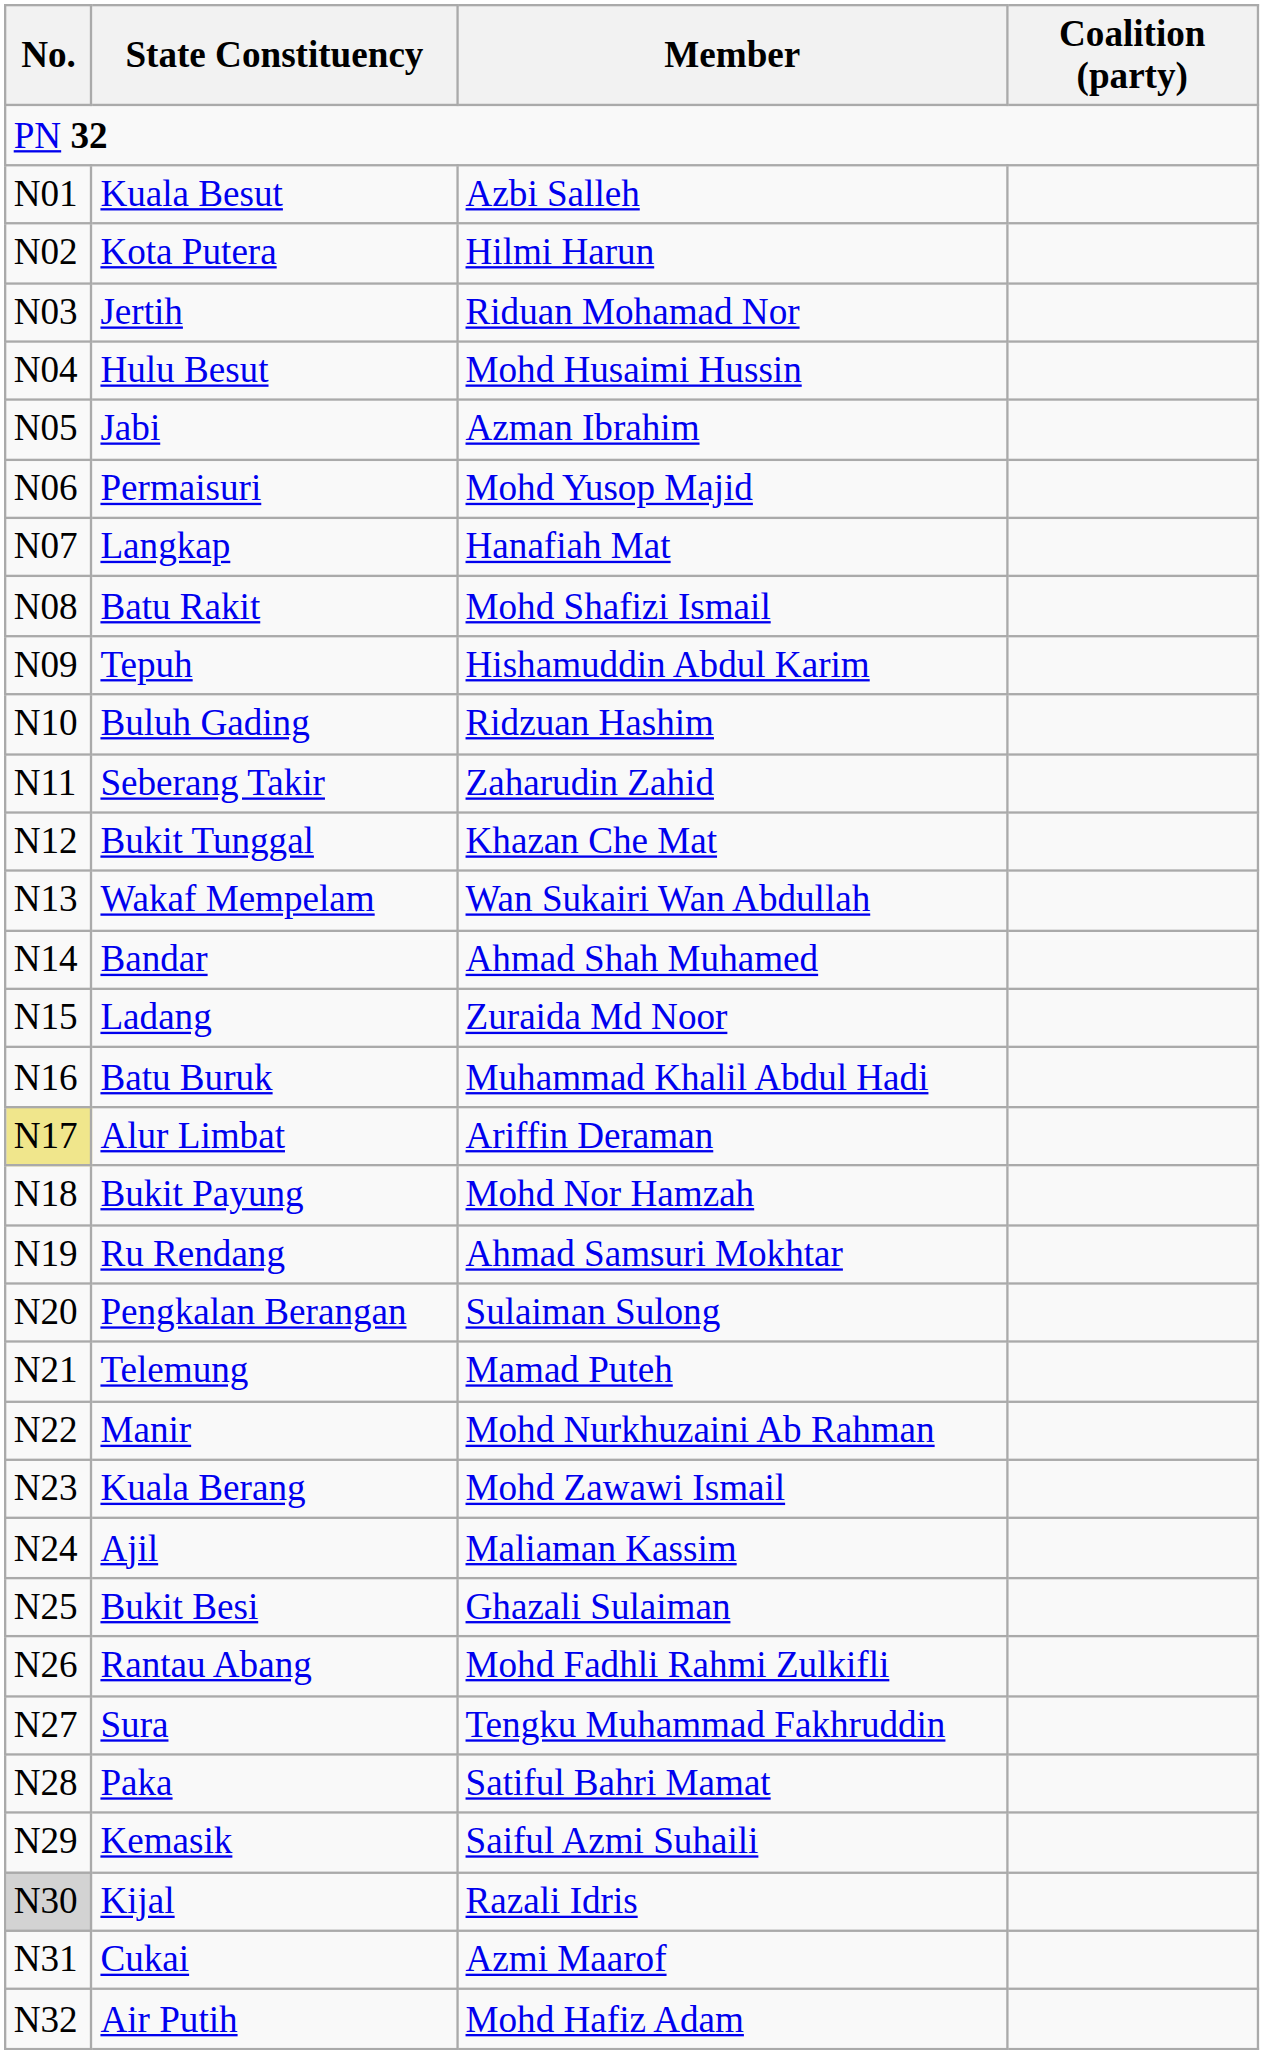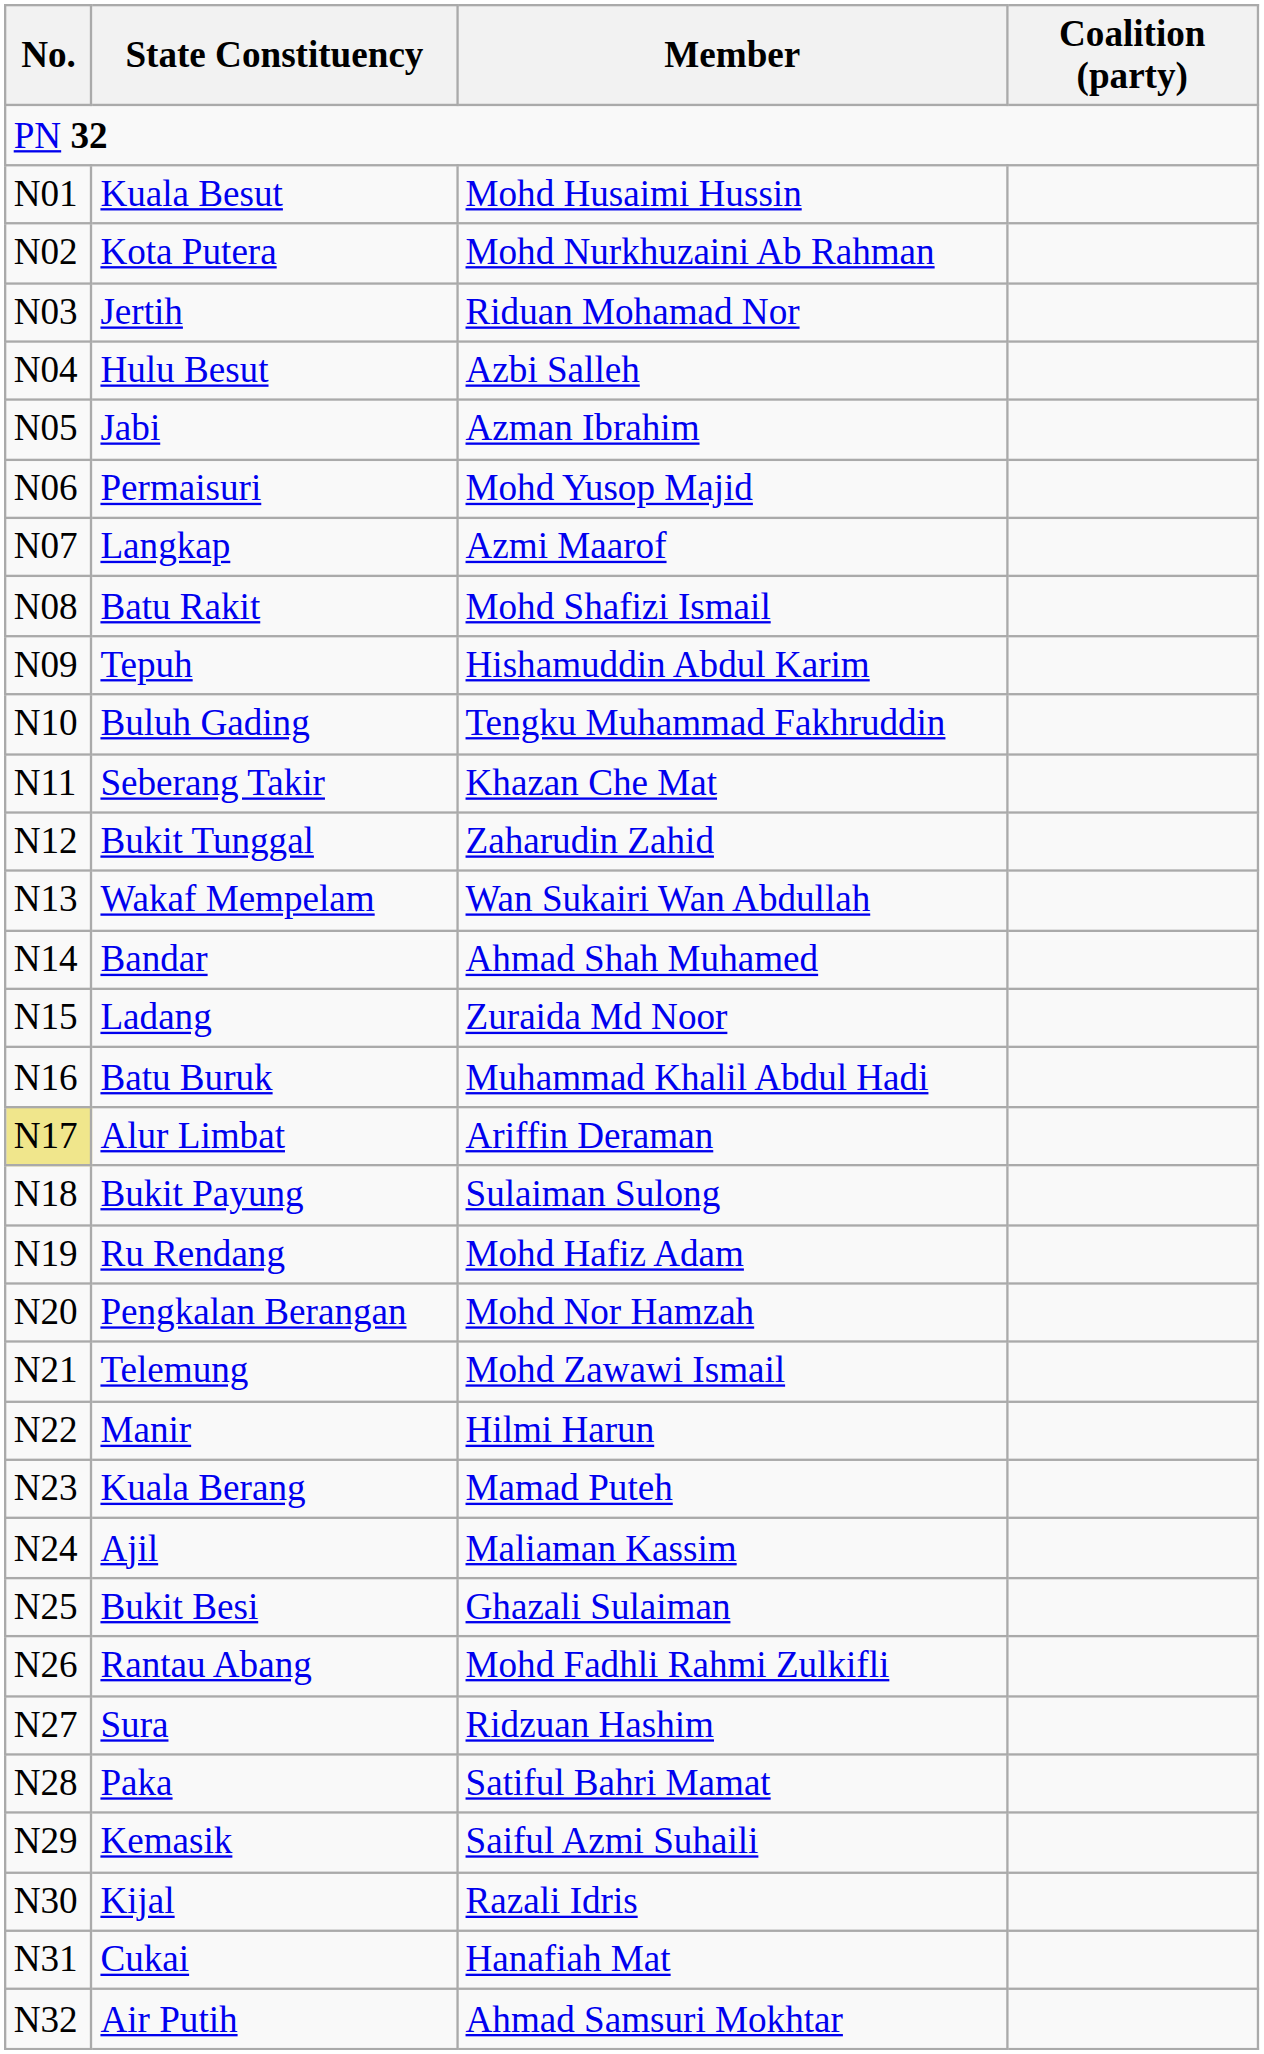 <table class="wikitable sortable">
 <tr>
 <th style="width:30px;">No.</th>
 <th style="width:150px;">State Constituency</th>
 <th style="width:230px;">Member</th>
 <th style="width:100px;">Coalition (party)</th>
 </tr>
 <tr>
 <td colspan="4"><a href='#'>PN</a> <strong>32</strong></td>
 </tr>
 <tr>
 <td>N01</td>
 <td><a href='#'>Kuala Besut</a></td>
-<td><a href='#'>Azbi Salleh</a></td>
+<td><a href='#'>Mohd Husaimi Hussin</a></td>
 <td></td>
 </tr>
 <tr>
 <td>N02</td>
 <td><a href='#'>Kota Putera</a></td>
-<td><a href='#'>Hilmi Harun</a></td>
+<td><a href='#'>Mohd Nurkhuzaini Ab Rahman</a></td>
 <td></td>
 </tr>
 <tr>
 <td>N03</td>
 <td><a href='#'>Jertih</a></td>
 <td><a href='#'>Riduan Mohamad Nor</a></td>
 <td></td>
 </tr>
 <tr>
 <td>N04</td>
 <td><a href='#'>Hulu Besut</a></td>
-<td><a href='#'>Mohd Husaimi Hussin</a></td>
+<td><a href='#'>Azbi Salleh</a></td>
 <td></td>
 </tr>
 <tr>
 <td>N05</td>
 <td><a href='#'>Jabi</a></td>
 <td><a href='#'>Azman Ibrahim</a></td>
 <td></td>
 </tr>
 <tr>
 <td>N06</td>
 <td><a href='#'>Permaisuri</a></td>
 <td><a href='#'>Mohd Yusop Majid</a></td>
 <td></td>
 </tr>
 <tr>
 <td>N07</td>
 <td><a href='#'>Langkap</a></td>
-<td><a href='#'>Hanafiah Mat</a></td>
+<td><a href='#'>Azmi Maarof</a></td>
 <td></td>
 </tr>
 <tr>
 <td>N08</td>
 <td><a href='#'>Batu Rakit</a></td>
 <td><a href='#'>Mohd Shafizi Ismail</a></td>
 <td></td>
 </tr>
 <tr>
 <td>N09</td>
 <td><a href='#'>Tepuh</a></td>
 <td><a href='#'>Hishamuddin Abdul Karim</a></td>
 <td></td>
 </tr>
 <tr>
 <td>N10</td>
 <td><a href='#'>Buluh Gading</a></td>
-<td><a href='#'>Ridzuan Hashim</a></td>
+<td><a href='#'>Tengku Muhammad Fakhruddin</a></td>
 <td></td>
 </tr>
 <tr>
 <td>N11</td>
 <td><a href='#'>Seberang Takir</a></td>
-<td><a href='#'>Zaharudin Zahid</a></td>
+<td><a href='#'>Khazan Che Mat</a></td>
 <td></td>
 </tr>
 <tr>
 <td>N12</td>
 <td><a href='#'>Bukit Tunggal</a></td>
-<td><a href='#'>Khazan Che Mat</a></td>
+<td><a href='#'>Zaharudin Zahid</a></td>
 <td></td>
 </tr>
 <tr>
 <td>N13</td>
 <td><a href='#'>Wakaf Mempelam</a></td>
 <td><a href='#'>Wan Sukairi Wan Abdullah</a></td>
 <td></td>
 </tr>
 <tr>
 <td>N14</td>
 <td><a href='#'>Bandar</a></td>
 <td><a href='#'>Ahmad Shah Muhamed</a></td>
 <td></td>
 </tr>
 <tr>
 <td>N15</td>
 <td><a href='#'>Ladang</a></td>
 <td><a href='#'>Zuraida Md Noor</a></td>
 <td></td>
 </tr>
 <tr>
 <td>N16</td>
 <td><a href='#'>Batu Buruk</a></td>
 <td><a href='#'>Muhammad Khalil Abdul Hadi</a></td>
 <td></td>
 </tr>
 <tr>
 <td style="background: khaki;">N17</td>
 <td><a href='#'>Alur Limbat</a></td>
 <td><a href='#'>Ariffin Deraman</a></td>
 <td></td>
 </tr>
 <tr>
 <td>N18</td>
 <td><a href='#'>Bukit Payung</a></td>
-<td><a href='#'>Mohd Nor Hamzah</a></td>
+<td><a href='#'>Sulaiman Sulong</a></td>
 <td></td>
 </tr>
 <tr>
 <td>N19</td>
 <td><a href='#'>Ru Rendang</a></td>
-<td><a href='#'>Ahmad Samsuri Mokhtar</a></td>
+<td><a href='#'>Mohd Hafiz Adam</a></td>
 <td></td>
 </tr>
 <tr>
 <td>N20</td>
 <td><a href='#'>Pengkalan Berangan</a></td>
-<td><a href='#'>Sulaiman Sulong</a></td>
+<td><a href='#'>Mohd Nor Hamzah</a></td>
 <td></td>
 </tr>
 <tr>
 <td>N21</td>
 <td><a href='#'>Telemung</a></td>
-<td><a href='#'>Mamad Puteh</a></td>
+<td><a href='#'>Mohd Zawawi Ismail</a></td>
 <td></td>
 </tr>
 <tr>
 <td>N22</td>
 <td><a href='#'>Manir</a></td>
-<td><a href='#'>Mohd Nurkhuzaini Ab Rahman</a></td>
+<td><a href='#'>Hilmi Harun</a></td>
 <td></td>
 </tr>
 <tr>
 <td>N23</td>
 <td><a href='#'>Kuala Berang</a></td>
-<td><a href='#'>Mohd Zawawi Ismail</a></td>
+<td><a href='#'>Mamad Puteh</a></td>
 <td></td>
 </tr>
 <tr>
 <td>N24</td>
 <td><a href='#'>Ajil</a></td>
 <td><a href='#'>Maliaman Kassim</a></td>
 <td></td>
 </tr>
 <tr>
 <td>N25</td>
 <td><a href='#'>Bukit Besi</a></td>
 <td><a href='#'>Ghazali Sulaiman</a></td>
 <td></td>
 </tr>
 <tr>
 <td>N26</td>
 <td><a href='#'>Rantau Abang</a></td>
 <td><a href='#'>Mohd Fadhli Rahmi Zulkifli</a></td>
 <td></td>
 </tr>
 <tr>
 <td>N27</td>
 <td><a href='#'>Sura</a></td>
-<td><a href='#'>Tengku Muhammad Fakhruddin</a></td>
+<td><a href='#'>Ridzuan Hashim</a></td>
 <td></td>
 </tr>
 <tr>
 <td>N28</td>
 <td><a href='#'>Paka</a></td>
 <td><a href='#'>Satiful Bahri Mamat</a></td>
 <td></td>
 </tr>
 <tr>
 <td>N29</td>
 <td><a href='#'>Kemasik</a></td>
 <td><a href='#'>Saiful Azmi Suhaili</a></td>
 <td></td>
 </tr>
 <tr>
-<td style="background: lightgrey;">N30</td>
+<td>N30</td>
 <td><a href='#'>Kijal</a></td>
 <td><a href='#'>Razali Idris</a></td>
 <td></td>
 </tr>
 <tr>
 <td>N31</td>
 <td><a href='#'>Cukai</a></td>
-<td><a href='#'>Azmi Maarof</a></td>
+<td><a href='#'>Hanafiah Mat</a></td>
 <td></td>
 </tr>
 <tr>
 <td>N32</td>
 <td><a href='#'>Air Putih</a></td>
-<td><a href='#'>Mohd Hafiz Adam</a></td>
+<td><a href='#'>Ahmad Samsuri Mokhtar</a></td>
 <td></td>
 </tr>
 </table>
